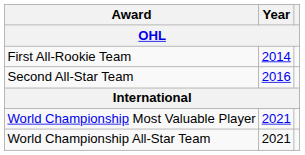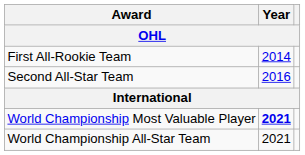 <table class="wikitable">
 <tr>
 <th>Award</th>
 <th>Year</th>
 <th></th>
 </tr>
 <tr>
 <th colspan="3"><a href='#'>OHL</a></th>
 </tr>
 <tr>
 <td>First All-Rookie Team</td>
 <td><a href='#'>2014</a></td>
 <td></td>
 </tr>
 <tr>
 <td>Second All-Star Team</td>
 <td><a href='#'>2016</a></td>
 <td></td>
 </tr>
 <tr>
 <th colspan="3">International</th>
 </tr>
 <tr>
 <td><a href='#'>World Championship</a> Most Valuable Player</td>
-<td><a href='#'>2021</a></td>
+<td><strong><a href='#'>2021</a></strong></td>
 <td></td>
 </tr>
 <tr>
 <td>World Championship All-Star Team</td>
 <td>2021</td>
 <td></td>
 </tr>
 </table>
